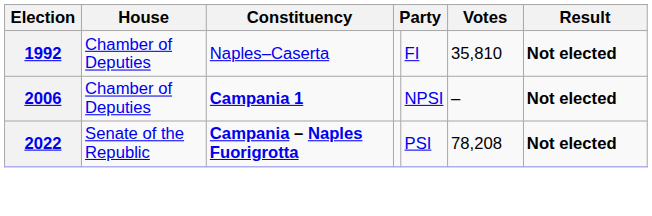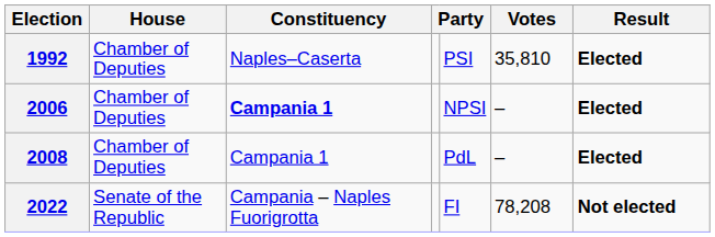 <table class=wikitable style="width:70%; border:1px #AAAAFF solid">
 <tr>
 <th width=12%>Election</th>
 <th width=20%>House</th>
 <th width=30%>Constituency</th>
 <th width=5% colspan="2">Party</th>
 <th width=12%>Votes</th>
 <th width=20%>Result</th>
 </tr>
 <tr>
 <th><a href='#'>1992</a></th>
 <td><a href='#'>Chamber of Deputies</a></td>
 <td><a href='#'>Naples–Caserta</a></td>
 <td></td>
-<td><a href='#'>FI</a></td>
+<td><a href='#'>PSI</a></td>
 <td>35,810</td>
-<td> <strong>Not elected</strong></td>
+<td> <strong>Elected</strong></td>
 </tr>
 <tr>
 <th><a href='#'>2006</a></th>
 <td><a href='#'>Chamber of Deputies</a></td>
 <td><strong><a href='#'>Campania 1</a></strong></td>
 <td></td>
 <td><a href='#'>NPSI</a></td>
 <td>–</td>
-<td> <strong>Not elected</strong></td>
+<td> <strong>Elected</strong></td>
+</tr>
+<tr>
+<th><a href='#'>2008</a></th>
+<td><a href='#'>Chamber of Deputies</a></td>
+<td><a href='#'>Campania 1</a></td>
+<td></td>
+<td><a href='#'>PdL</a></td>
+<td>–</td>
+<td> <strong>Elected</strong></td>
 </tr>
 <tr>
 <th><a href='#'>2022</a></th>
 <td><a href='#'>Senate of the Republic</a></td>
-<td><strong><a href='#'>Campania</a> – <a href='#'>Naples Fuorigrotta</a></strong></td>
+<td><a href='#'>Campania</a> – <a href='#'>Naples Fuorigrotta</a></td>
 <td></td>
-<td><a href='#'>PSI</a></td>
+<td><a href='#'>FI</a></td>
 <td>78,208</td>
 <td> <strong>Not elected</strong></td>
 </tr>
 <tr>
 </tr>
 </table>
